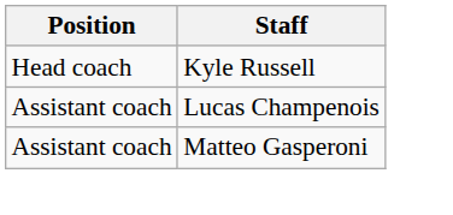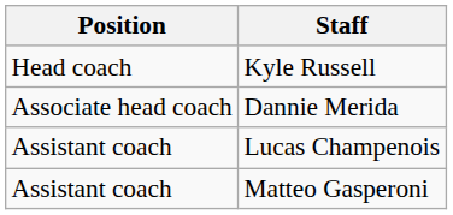 <table class="wikitable">
 <tr>
 <th width=px>Position</th>
 <th width=px>Staff</th>
 </tr>
 <tr>
 <td>Head coach</td>
 <td> Kyle Russell</td>
 </tr>
 <tr>
+<td>Associate head coach</td>
+<td> Dannie Merida</td>
+</tr>
+<tr>
 <td>Assistant coach</td>
 <td> Lucas Champenois</td>
 </tr>
 <tr>
 <td>Assistant coach</td>
 <td> Matteo Gasperoni</td>
 </tr>
 </table>
